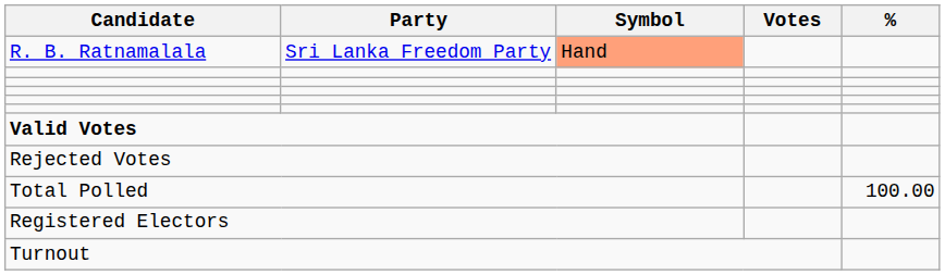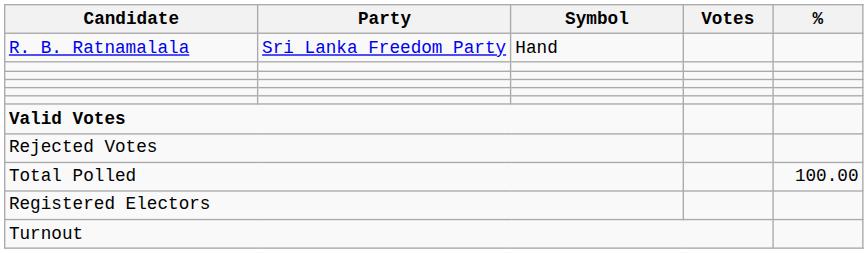 <table class="wikitable" border="1" style="text-align:right;">
 <tr>
 <th align=left width="180">Candidate</th>
 <th align=left width="180">Party</th>
 <th align=left width="120">Symbol</th>
 <th align=left width="60">Votes</th>
 <th align=left width="60">%</th>
 </tr>
 <tr>
 <td align=left><a href='#'>R. B. Ratnamalala</a></td>
 <td align=left><a href='#'>Sri Lanka Freedom Party</a></td>
-<td align=left style="background: lightsalmon;">Hand</td>
+<td align=left>Hand</td>
 <td></td>
 <td></td>
 </tr>
 <tr>
 <td align=left></td>
 <td align=left></td>
 <td align=left></td>
 <td></td>
 <td></td>
 </tr>
 <tr>
 <td align=left></td>
 <td align=left></td>
 <td align=left></td>
 <td></td>
 <td></td>
 </tr>
 <tr>
 <td align=left></td>
 <td align=left></td>
 <td align=left></td>
 <td></td>
 <td></td>
 </tr>
 <tr>
 <td align=left></td>
 <td align=left></td>
 <td align=left></td>
 <td></td>
 <td></td>
 </tr>
 <tr>
 <td align=left></td>
 <td align=left></td>
 <td align=left></td>
 <td></td>
 <td></td>
 </tr>
 <tr>
 <td align=left colspan=3><strong>Valid Votes</strong></td>
 <td><strong> </strong></td>
 <td><strong> </strong></td>
 </tr>
 <tr>
 <td align=left colspan=3>Rejected Votes</td>
 <td></td>
 <td></td>
 </tr>
 <tr>
 <td align=left colspan=3>Total Polled</td>
 <td></td>
 <td>100.00</td>
 </tr>
 <tr>
 <td align=left colspan=3>Registered Electors</td>
 <td></td>
 <td></td>
 </tr>
 <tr>
 <td align=left colspan=4>Turnout</td>
 <td></td>
 </tr>
 </table>
